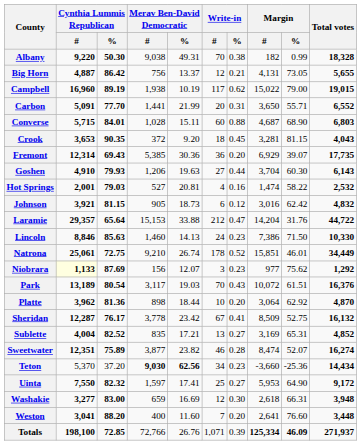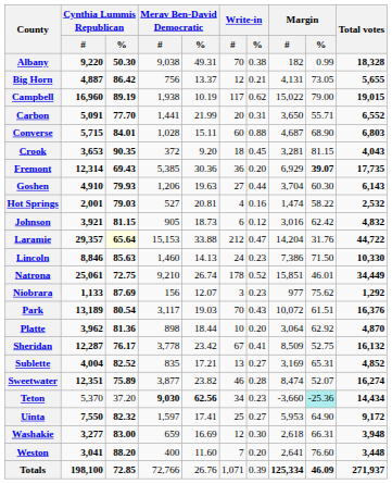 <table class="wikitable sortable" style="text-align:right;font-size:90%;line-height:1.3">
 <tr>
 <th rowspan="2">County</th>
 <th colspan="2"><a href='#'>Cynthia Lummis</a><br><a href='#'>Republican</a></th>
 <th colspan="2"><a href='#'>Merav Ben-David</a><br><a href='#'>Democratic</a></th>
 <th colspan="2"><a href='#'>Write-in</a></th>
 <th colspan="2">Margin</th>
 <th rowspan="2">Total votes</th>
 </tr>
 <tr>
 <th data-sort-type="number">#</th>
 <th data-sort-type="number">%</th>
 <th data-sort-type="number">#</th>
 <th data-sort-type="number">%</th>
 <th data-sort-type="number">#</th>
 <th data-sort-type="number">%</th>
 <th data-sort-type="number">#</th>
 <th data-sort-type="number">%</th>
 </tr>
 <tr>
 <th><a href='#'>Albany</a></th>
 <td><strong>9,220</strong></td>
 <td><strong>50.30</strong></td>
 <td>9,038</td>
 <td>49.31</td>
 <td>70</td>
 <td>0.38</td>
 <td>182</td>
 <td>0.99</td>
 <td><strong>18,328</strong></td>
 </tr>
 <tr>
 <th><a href='#'>Big Horn</a></th>
 <td><strong>4,887</strong></td>
 <td><strong>86.42</strong></td>
 <td>756</td>
 <td>13.37</td>
 <td>12</td>
 <td>0.21</td>
 <td>4,131</td>
 <td>73.05</td>
 <td><strong>5,655</strong></td>
 </tr>
 <tr>
 <th><a href='#'>Campbell</a></th>
 <td><strong>16,960</strong></td>
 <td><strong>89.19</strong></td>
 <td>1,938</td>
 <td>10.19</td>
 <td>117</td>
 <td>0.62</td>
 <td>15,022</td>
 <td>79.00</td>
 <td><strong>19,015</strong></td>
 </tr>
 <tr>
 <th><a href='#'>Carbon</a></th>
 <td><strong>5,091</strong></td>
 <td><strong>77.70</strong></td>
 <td>1,441</td>
 <td>21.99</td>
 <td>20</td>
 <td>0.31</td>
 <td>3,650</td>
 <td>55.71</td>
 <td><strong>6,552</strong></td>
 </tr>
 <tr>
 <th><a href='#'>Converse</a></th>
 <td><strong>5,715</strong></td>
 <td><strong>84.01</strong></td>
 <td>1,028</td>
 <td>15.11</td>
 <td>60</td>
 <td>0.88</td>
 <td>4,687</td>
 <td>68.90</td>
 <td><strong>6,803</strong></td>
 </tr>
 <tr>
 <th><a href='#'>Crook</a></th>
 <td><strong>3,653</strong></td>
 <td><strong>90.35</strong></td>
 <td>372</td>
 <td>9.20</td>
 <td>18</td>
 <td>0.45</td>
 <td>3,281</td>
 <td>81.15</td>
 <td><strong>4,043</strong></td>
 </tr>
 <tr>
 <th><a href='#'>Fremont</a></th>
 <td><strong>12,314</strong></td>
 <td><strong>69.43</strong></td>
 <td>5,385</td>
 <td>30.36</td>
 <td>36</td>
 <td>0.20</td>
 <td>6,929</td>
-<td>39.07</td>
+<td><strong>39.07</strong></td>
 <td><strong>17,735</strong></td>
 </tr>
 <tr>
 <th><a href='#'>Goshen</a></th>
 <td><strong>4,910</strong></td>
 <td><strong>79.93</strong></td>
 <td>1,206</td>
 <td>19.63</td>
 <td>27</td>
 <td>0.44</td>
 <td>3,704</td>
 <td>60.30</td>
 <td><strong>6,143</strong></td>
 </tr>
 <tr>
 <th><a href='#'>Hot Springs</a></th>
 <td><strong>2,001</strong></td>
 <td><strong>79.03</strong></td>
 <td>527</td>
 <td>20.81</td>
 <td>4</td>
 <td>0.16</td>
 <td>1,474</td>
 <td>58.22</td>
 <td><strong>2,532</strong></td>
 </tr>
 <tr>
 <th><a href='#'>Johnson</a></th>
 <td><strong>3,921</strong></td>
 <td><strong>81.15</strong></td>
 <td>905</td>
 <td>18.73</td>
 <td>6</td>
 <td>0.12</td>
 <td>3,016</td>
 <td>62.42</td>
 <td><strong>4,832</strong></td>
 </tr>
 <tr>
 <th><a href='#'>Laramie</a></th>
 <td><strong>29,357</strong></td>
-<td><strong>65.64</strong></td>
+<td style="background: lightyellow;"><strong>65.64</strong></td>
 <td>15,153</td>
 <td>33.88</td>
 <td>212</td>
 <td>0.47</td>
 <td>14,204</td>
 <td>31.76</td>
 <td><strong>44,722</strong></td>
 </tr>
 <tr>
 <th><a href='#'>Lincoln</a></th>
 <td><strong>8,846</strong></td>
 <td><strong>85.63</strong></td>
 <td>1,460</td>
 <td>14.13</td>
 <td>24</td>
 <td>0.23</td>
 <td>7,386</td>
 <td>71.50</td>
 <td><strong>10,330</strong></td>
 </tr>
 <tr>
 <th><a href='#'>Natrona</a></th>
 <td><strong>25,061</strong></td>
 <td><strong>72.75</strong></td>
 <td>9,210</td>
 <td>26.74</td>
 <td>178</td>
 <td>0.52</td>
 <td>15,851</td>
 <td>46.01</td>
 <td><strong>34,449</strong></td>
 </tr>
 <tr>
 <th><a href='#'>Niobrara</a></th>
-<td style="background: lightyellow;"><strong>1,133</strong></td>
+<td><strong>1,133</strong></td>
 <td><strong>87.69</strong></td>
 <td>156</td>
 <td>12.07</td>
 <td>3</td>
 <td>0.23</td>
 <td>977</td>
 <td>75.62</td>
 <td><strong>1,292</strong></td>
 </tr>
 <tr>
 <th><a href='#'>Park</a></th>
 <td><strong>13,189</strong></td>
 <td><strong>80.54</strong></td>
 <td>3,117</td>
 <td>19.03</td>
 <td>70</td>
 <td>0.43</td>
 <td>10,072</td>
 <td>61.51</td>
 <td><strong>16,376</strong></td>
 </tr>
 <tr>
 <th><a href='#'>Platte</a></th>
 <td><strong>3,962</strong></td>
 <td><strong>81.36</strong></td>
 <td>898</td>
 <td>18.44</td>
 <td>10</td>
 <td>0.20</td>
 <td>3,064</td>
 <td>62.92</td>
 <td><strong>4,870</strong></td>
 </tr>
 <tr>
 <th><a href='#'>Sheridan</a></th>
 <td><strong>12,287</strong></td>
 <td><strong>76.17</strong></td>
 <td>3,778</td>
 <td>23.42</td>
 <td>67</td>
 <td>0.41</td>
 <td>8,509</td>
 <td>52.75</td>
 <td><strong>16,132</strong></td>
 </tr>
 <tr>
 <th><a href='#'>Sublette</a></th>
 <td><strong>4,004</strong></td>
 <td><strong>82.52</strong></td>
 <td>835</td>
 <td>17.21</td>
 <td>13</td>
 <td>0.27</td>
 <td>3,169</td>
 <td>65.31</td>
 <td><strong>4,852</strong></td>
 </tr>
 <tr>
 <th><a href='#'>Sweetwater</a></th>
 <td><strong>12,351</strong></td>
 <td><strong>75.89</strong></td>
 <td>3,877</td>
 <td>23.82</td>
 <td>46</td>
 <td>0.28</td>
 <td>8,474</td>
 <td>52.07</td>
 <td><strong>16,274</strong></td>
 </tr>
 <tr>
 <th><a href='#'>Teton</a></th>
 <td>5,370</td>
 <td>37.20</td>
 <td><strong>9,030</strong></td>
 <td><strong>62.56</strong></td>
 <td>34</td>
 <td>0.23</td>
 <td>-3,660</td>
-<td>-25.36</td>
+<td style="background: paleturquoise;">-25.36</td>
 <td><strong>14,434</strong></td>
 </tr>
 <tr>
 <th><a href='#'>Uinta</a></th>
 <td><strong>7,550</strong></td>
 <td><strong>82.32</strong></td>
 <td>1,597</td>
 <td>17.41</td>
 <td>25</td>
 <td>0.27</td>
 <td>5,953</td>
 <td>64.90</td>
 <td><strong>9,172</strong></td>
 </tr>
 <tr>
 <th><a href='#'>Washakie</a></th>
 <td><strong>3,277</strong></td>
 <td><strong>83.00</strong></td>
 <td>659</td>
 <td>16.69</td>
 <td>12</td>
 <td>0.30</td>
 <td>2,618</td>
 <td>66.31</td>
 <td><strong>3,948</strong></td>
 </tr>
 <tr>
 <th><a href='#'>Weston</a></th>
 <td><strong>3,041</strong></td>
 <td><strong>88.20</strong></td>
 <td>400</td>
 <td>11.60</td>
 <td>7</td>
 <td>0.20</td>
 <td>2,641</td>
 <td>76.60</td>
 <td><strong>3,448</strong></td>
 </tr>
 <tr class="sortbottom">
 <th>Totals</th>
 <td><strong>198,100</strong></td>
 <td><strong>72.85</strong></td>
 <td>72,766</td>
 <td>26.76</td>
 <td>1,071</td>
 <td>0.39</td>
 <td><strong>125,334</strong></td>
 <td><strong>46.09</strong></td>
 <td><strong>271,937</strong></td>
 </tr>
 </table>
